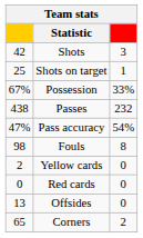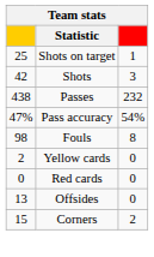 <table class="wikitable" style="margin-left: auto; margin-right: auto; border: none; text-align:center;">
 <tr>
 <th colspan=3>Team stats</th>
 </tr>
 <tr>
 <th style="background: #FFCD00; color: #00843d;"> <a href='#'></a></th>
 <th>Statistic</th>
 <th style="background: #FF0000; color: #FFFFFF;"> <a href='#'></a></th>
 </tr>
 <tr>
-<td>42</td>
-<td>Shots</td>
-<td>3</td>
-</tr>
-<tr>
 <td>25</td>
 <td>Shots on target</td>
 <td>1</td>
 </tr>
 <tr>
-<td>67%</td>
-<td>Possession</td>
-<td>33%</td>
+<td>42</td>
+<td>Shots</td>
+<td>3</td>
 </tr>
 <tr>
 <td>438</td>
 <td>Passes</td>
 <td>232</td>
 </tr>
 <tr>
 <td>47%</td>
 <td>Pass accuracy</td>
 <td>54%</td>
 </tr>
 <tr>
 <td>98</td>
 <td>Fouls</td>
 <td>8</td>
 </tr>
 <tr>
 <td>2</td>
 <td>Yellow cards</td>
 <td>0</td>
 </tr>
 <tr>
 <td>0</td>
 <td>Red cards</td>
 <td>0</td>
 </tr>
 <tr>
 <td>13</td>
 <td>Offsides</td>
 <td>0</td>
 </tr>
 <tr>
-<td>65</td>
+<td>15</td>
 <td>Corners</td>
 <td>2</td>
 </tr>
 </table>
